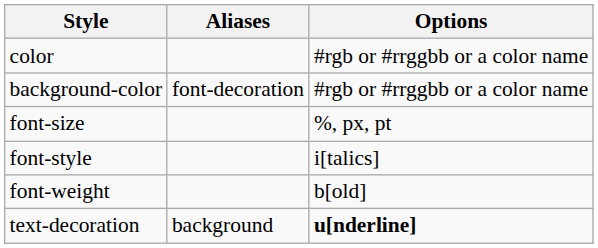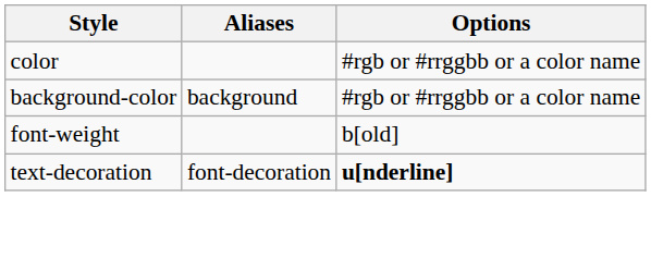 <table class="wikitable">
 <tr>
 <th>Style</th>
 <th>Aliases</th>
 <th>Options</th>
 </tr>
 <tr>
 <td>color</td>
 <td></td>
 <td>#rgb or #rrggbb or a color name</td>
 </tr>
 <tr>
 <td>background-color</td>
-<td>font-decoration</td>
+<td>background</td>
 <td>#rgb or #rrggbb or a color name</td>
-</tr>
-<tr>
-<td>font-size</td>
-<td></td>
-<td>%, px, pt</td>
-</tr>
-<tr>
-<td>font-style</td>
-<td></td>
-<td>i[talics]</td>
 </tr>
 <tr>
 <td>font-weight</td>
 <td></td>
 <td>b[old]</td>
 </tr>
 <tr>
 <td>text-decoration</td>
-<td>background</td>
+<td>font-decoration</td>
 <td><strong>u[nderline]</strong></td>
 </tr>
 </table>
